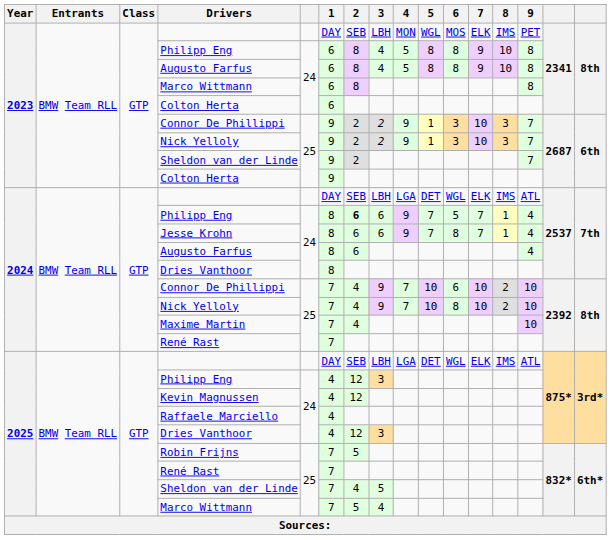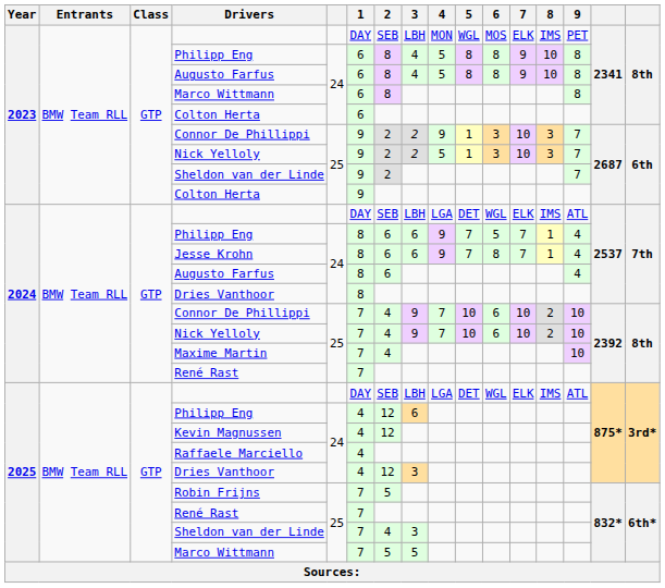 <table class="wikitable" style="text-align:center; font-size:90%">
 <tr>
 <th>Year</th>
 <th>Entrants</th>
 <th>Class</th>
 <th>Drivers</th>
 <th></th>
 <th>1</th>
 <th>2</th>
 <th>3</th>
 <th>4</th>
 <th>5</th>
 <th>6</th>
 <th>7</th>
 <th>8</th>
 <th>9</th>
 <th></th>
 <th></th>
 </tr>
 <tr>
 <th rowspan="9"><a href='#'>2023</a></th>
 <td rowspan="9"><a href='#'>BMW</a> <a href='#'>Team RLL</a></td>
 <td rowspan="9"><a href='#'>GTP</a></td>
 <td></td>
 <td></td>
 <td><a href='#'>DAY</a></td>
 <td><a href='#'>SEB</a></td>
 <td><a href='#'>LBH</a></td>
 <td><a href='#'>MON</a></td>
 <td><a href='#'>WGL</a></td>
 <td><a href='#'>MOS</a></td>
 <td><a href='#'>ELK</a></td>
 <td><a href='#'>IMS</a></td>
 <td><a href='#'>PET</a></td>
 <th rowspan=5>2341</th>
 <th rowspan=5>8th</th>
 </tr>
 <tr>
 <td align="left"> <a href='#'>Philipp Eng</a></td>
 <td rowspan="4">24</td>
 <td style="background:#DFFFDF;">6</td>
 <td style="background:#EFCFFF;">8</td>
 <td style="background:#DFFFDF;">4</td>
 <td style="background:#DFFFDF;">5</td>
 <td style="background:#EFCFFF;">8</td>
 <td style="background:#DFFFDF;">8</td>
 <td style="background:#EFCFFF;">9</td>
 <td style="background:#EFCFFF;">10</td>
 <td style="background:#DFFFDF;">8</td>
 </tr>
 <tr>
 <td align="left"> <a href='#'>Augusto Farfus</a></td>
 <td style="background:#DFFFDF;">6</td>
 <td style="background:#EFCFFF;">8</td>
 <td style="background:#DFFFDF;">4</td>
 <td style="background:#DFFFDF;">5</td>
 <td style="background:#EFCFFF;">8</td>
 <td style="background:#DFFFDF;">8</td>
 <td style="background:#EFCFFF;">9</td>
 <td style="background:#EFCFFF;">10</td>
 <td style="background:#DFFFDF;">8</td>
 </tr>
 <tr>
 <td align="left"> <a href='#'>Marco Wittmann</a></td>
 <td style="background:#DFFFDF;">6</td>
 <td style="background:#EFCFFF;">8</td>
 <td></td>
 <td></td>
 <td></td>
 <td></td>
 <td></td>
 <td></td>
 <td style="background:#DFFFDF;">8</td>
 </tr>
 <tr>
 <td align="left"> <a href='#'>Colton Herta</a></td>
 <td style="background:#DFFFDF;">6</td>
 <td></td>
 <td></td>
 <td></td>
 <td></td>
 <td></td>
 <td></td>
 <td></td>
 <td></td>
 </tr>
 <tr>
 <td align="left"> <a href='#'>Connor De Phillippi</a></td>
 <td rowspan="4">25</td>
 <td style="background:#DFFFDF;">9</td>
 <td style="background:#DFDFDF;">2</td>
 <td style="background:#DFDFDF;"><em>2</em></td>
 <td style="background:#DFFFDF;">9</td>
 <td style="background:#FFFFBF;">1</td>
 <td style="background:#FFDF9F;">3</td>
 <td style="background:#EFCFFF;">10</td>
 <td style="background:#FFDF9F;">3</td>
 <td style="background:#DFFFDF;">7</td>
 <th rowspan=4>2687</th>
 <th rowspan=4>6th</th>
 </tr>
 <tr>
 <td align="left"> <a href='#'>Nick Yelloly</a></td>
 <td style="background:#DFFFDF;">9</td>
 <td style="background:#DFDFDF;">2</td>
 <td style="background:#DFDFDF;"><em>2</em></td>
-<td style="background:#DFFFDF;">9</td>
+<td style="background:#DFFFDF;">5</td>
 <td style="background:#FFFFBF;">1</td>
 <td style="background:#FFDF9F;">3</td>
 <td style="background:#EFCFFF;">10</td>
 <td style="background:#FFDF9F;">3</td>
 <td style="background:#DFFFDF;">7</td>
 </tr>
 <tr>
 <td align="left"> <a href='#'>Sheldon van der Linde</a></td>
 <td style="background:#DFFFDF;">9</td>
 <td style="background:#DFDFDF;">2</td>
 <td></td>
 <td></td>
 <td></td>
 <td></td>
 <td></td>
 <td></td>
 <td style="background:#DFFFDF;">7</td>
 </tr>
 <tr>
 <td align="left"> <a href='#'>Colton Herta</a></td>
 <td style="background:#DFFFDF;">9</td>
 <td></td>
 <td></td>
 <td></td>
 <td></td>
 <td></td>
 <td></td>
 <td></td>
 <td></td>
 </tr>
 <tr>
 <th rowspan="9"><a href='#'>2024</a></th>
 <td rowspan="9"><a href='#'>BMW</a> <a href='#'>Team RLL</a></td>
 <td rowspan="9"><a href='#'>GTP</a></td>
 <td></td>
 <td></td>
 <td><a href='#'>DAY</a></td>
 <td><a href='#'>SEB</a></td>
 <td><a href='#'>LBH</a></td>
 <td><a href='#'>LGA</a></td>
 <td><a href='#'>DET</a></td>
 <td><a href='#'>WGL</a></td>
 <td><a href='#'>ELK</a></td>
 <td><a href='#'>IMS</a></td>
 <td><a href='#'>ATL</a></td>
 <th rowspan="5">2537</th>
 <th rowspan="5">7th</th>
 </tr>
 <tr>
 <td align="left"> <a href='#'>Philipp Eng</a></td>
 <td rowspan="4">24</td>
 <td style="background:#dfffdf;" align="center">8</td>
-<td style="background:#dfffdf;" align="center"><strong>6</strong></td>
+<td style="background:#dfffdf;" align="center">6</td>
 <td style="background:#dfffdf;" align="center">6</td>
 <td style="background:#efcfff;" align="center">9</td>
 <td style="background:#dfffdf;" align="center">7</td>
 <td style="background:#dfffdf;" align="center">5</td>
 <td style="background:#dfffdf;" align="center">7</td>
 <td style="background:#FFFFBF;">1</td>
 <td style="background:#DFFFDF;">4</td>
 </tr>
 <tr>
 <td align="left"> <a href='#'>Jesse Krohn</a></td>
 <td style="background:#dfffdf;" align="center">8</td>
 <td style="background:#dfffdf;" align="center">6</td>
 <td style="background:#dfffdf;" align="center">6</td>
 <td style="background:#efcfff;" align="center">9</td>
 <td style="background:#dfffdf;" align="center">7</td>
 <td style="background:#DFFFDF;">8</td>
 <td style="background:#dfffdf;" align="center">7</td>
 <td style="background:#FFFFBF;">1</td>
 <td style="background:#DFFFDF;">4</td>
 </tr>
 <tr>
 <td align="left"> <a href='#'>Augusto Farfus</a></td>
 <td style="background:#dfffdf;" align="center">8</td>
 <td style="background:#dfffdf;" align="center">6</td>
 <td></td>
 <td></td>
 <td></td>
 <td></td>
 <td></td>
 <td></td>
 <td style="background:#DFFFDF;">4</td>
 </tr>
 <tr>
 <td align="left"> <a href='#'>Dries Vanthoor</a></td>
 <td style="background:#dfffdf;" align="center">8</td>
 <td></td>
 <td></td>
 <td></td>
 <td></td>
 <td></td>
 <td></td>
 <td></td>
 <td></td>
 </tr>
 <tr>
 <td align="left"> <a href='#'>Connor De Phillippi</a></td>
 <td rowspan="4">25</td>
 <td style="background:#dfffdf;" align="center">7</td>
 <td style="background:#dfffdf;" align="center">4</td>
 <td style="background:#efcfff;" align="center">9</td>
 <td style="background:#dfffdf;" align="center">7</td>
 <td style="background:#efcfff;" align="center">10</td>
 <td style="background:#dfffdf;" align="center">6</td>
 <td style="background:#efcfff;" align="center">10</td>
 <td style="background:#DFDFDF;">2</td>
 <td style="background:#efcfff;" align="center">10</td>
 <th rowspan="4">2392</th>
 <th rowspan="4">8th</th>
 </tr>
 <tr>
 <td align="left"> <a href='#'>Nick Yelloly</a></td>
 <td style="background:#dfffdf;" align="center">7</td>
 <td style="background:#dfffdf;" align="center">4</td>
 <td style="background:#efcfff;" align="center">9</td>
 <td style="background:#dfffdf;" align="center">7</td>
 <td style="background:#efcfff;" align="center">10</td>
-<td style="background:#DFFFDF;">8</td>
+<td style="background:#dfffdf;" align="center">6</td>
 <td style="background:#efcfff;" align="center">10</td>
 <td style="background:#DFDFDF;">2</td>
 <td style="background:#efcfff;" align="center">10</td>
 </tr>
 <tr>
 <td align="left"> <a href='#'>Maxime Martin</a></td>
 <td style="background:#dfffdf;" align="center">7</td>
 <td style="background:#dfffdf;" align="center">4</td>
 <td></td>
 <td></td>
 <td></td>
 <td></td>
 <td></td>
 <td></td>
 <td style="background:#efcfff;" align="center">10</td>
 </tr>
 <tr>
 <td align="left"> <a href='#'>René Rast</a></td>
 <td style="background:#dfffdf;" align="center">7</td>
 <td></td>
 <td></td>
 <td></td>
 <td></td>
 <td></td>
 <td></td>
 <td></td>
 <td></td>
 </tr>
 <tr>
 <th rowspan="9"><a href='#'>2025</a></th>
 <td rowspan="9"><a href='#'>BMW</a> <a href='#'>Team RLL</a></td>
 <td rowspan="9"><a href='#'>GTP</a></td>
 <td></td>
 <td></td>
 <td><a href='#'>DAY</a></td>
 <td><a href='#'>SEB</a></td>
 <td><a href='#'>LBH</a></td>
 <td><a href='#'>LGA</a></td>
 <td><a href='#'>DET</a></td>
 <td><a href='#'>WGL</a></td>
 <td><a href='#'>ELK</a></td>
 <td><a href='#'>IMS</a></td>
 <td><a href='#'>ATL</a></td>
 <th rowspan="5" style="background:#FFDF9F;">875*</th>
 <th rowspan="5" style="background:#FFDF9F;">3rd*</th>
 </tr>
 <tr>
 <td align="left"> <a href='#'>Philipp Eng</a></td>
 <td rowspan="4">24</td>
 <td style="background:#DFFFDF;">4</td>
 <td style="background:#DFFFDF;">12</td>
-<td style="background:#FFDF9F;">3</td>
+<td style="background:#FFDF9F;">6</td>
 <td></td>
 <td></td>
 <td></td>
 <td></td>
 <td></td>
 <td></td>
 </tr>
 <tr>
 <td align="left"> <a href='#'>Kevin Magnussen</a></td>
 <td style="background:#DFFFDF;">4</td>
 <td style="background:#DFFFDF;">12</td>
 <td></td>
 <td></td>
 <td></td>
 <td></td>
 <td></td>
 <td></td>
 <td></td>
 </tr>
 <tr>
 <td align="left"> <a href='#'>Raffaele Marciello</a></td>
 <td style="background:#DFFFDF;">4</td>
 <td></td>
 <td></td>
 <td></td>
 <td></td>
 <td></td>
 <td></td>
 <td></td>
 <td></td>
 </tr>
 <tr>
 <td align="left"> <a href='#'>Dries Vanthoor</a></td>
 <td style="background:#DFFFDF;">4</td>
 <td style="background:#DFFFDF;">12</td>
 <td style="background:#FFDF9F;">3</td>
 <td></td>
 <td></td>
 <td></td>
 <td></td>
 <td></td>
 <td></td>
 </tr>
 <tr>
 <td align="left"> <a href='#'>Robin Frijns</a></td>
 <td rowspan="4">25</td>
 <td style="background:#DFFFDF;">7</td>
 <td style="background:#DFFFDF;">5</td>
 <td></td>
 <td></td>
 <td></td>
 <td></td>
 <td></td>
 <td></td>
 <td></td>
 <th rowspan="4">832*</th>
 <th rowspan="4">6th*</th>
 </tr>
 <tr>
 <td align="left"> <a href='#'>René Rast</a></td>
 <td style="background:#DFFFDF;">7</td>
 <td></td>
 <td></td>
 <td></td>
 <td></td>
 <td></td>
 <td></td>
 <td></td>
 <td></td>
 </tr>
 <tr>
 <td align="left"> <a href='#'>Sheldon van der Linde</a></td>
 <td style="background:#DFFFDF;">7</td>
 <td style="background:#DFFFDF;">4</td>
-<td style="background:#DFFFDF;">5</td>
+<td style="background:#DFFFDF;">3</td>
 <td></td>
 <td></td>
 <td></td>
 <td></td>
 <td></td>
 <td></td>
 </tr>
 <tr>
 <td align="left"> <a href='#'>Marco Wittmann</a></td>
 <td style="background:#DFFFDF;">7</td>
 <td style="background:#DFFFDF;">5</td>
-<td style="background:#DFFFDF;">4</td>
+<td style="background:#DFFFDF;">5</td>
 <td></td>
 <td></td>
 <td></td>
 <td></td>
 <td></td>
 <td></td>
 </tr>
 <tr>
 <th colspan="16">Sources:</th>
 </tr>
 </table>
